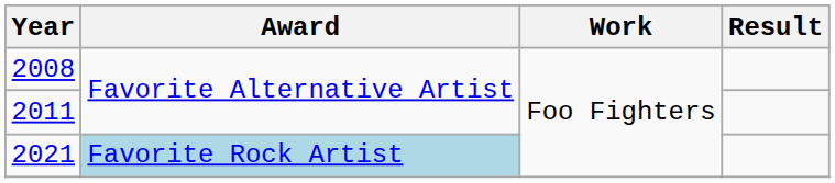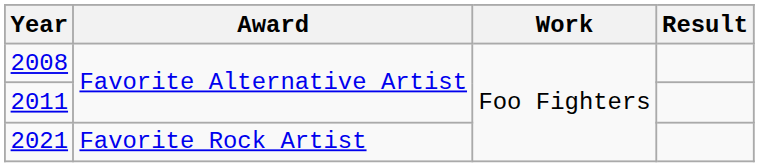 <table class="wikitable">
 <tr>
 <th>Year</th>
 <th>Award</th>
 <th>Work</th>
 <th>Result</th>
 </tr>
 <tr>
 <td><a href='#'>2008</a></td>
 <td rowspan="2"><a href='#'>Favorite Alternative Artist</a></td>
 <td rowspan="3">Foo Fighters</td>
 <td></td>
 </tr>
 <tr>
 <td><a href='#'>2011</a></td>
 <td></td>
 </tr>
 <tr>
 <td><a href='#'>2021</a></td>
-<td style="background: lightblue;"><a href='#'>Favorite Rock Artist</a></td>
+<td><a href='#'>Favorite Rock Artist</a></td>
 <td></td>
 </tr>
 </table>
